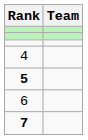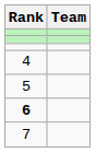 <table class=wikitable style="text-align: center;">
 <tr>
 <th>Rank</th>
 <th>Team</th>
 </tr>
 <tr style="background: #BBF3BB;">
 <td></td>
 <td style="text-align: left;"></td>
 </tr>
 <tr style="background: #BBF3BB;">
 <td></td>
 <td style="text-align: left;"></td>
 </tr>
 <tr>
 <td></td>
 <td style="text-align: left;"></td>
 </tr>
 <tr>
 <td>4</td>
 <td style="text-align: left;"></td>
 </tr>
 <tr>
-<td><strong>5</strong></td>
+<td>5</td>
 <td style="text-align: left;"></td>
 </tr>
 <tr>
-<td>6</td>
+<td><strong>6</strong></td>
 <td style="text-align: left;"></td>
 </tr>
 <tr>
-<td><strong>7</strong></td>
+<td>7</td>
 <td style="text-align: left;"></td>
 </tr>
 </table>
